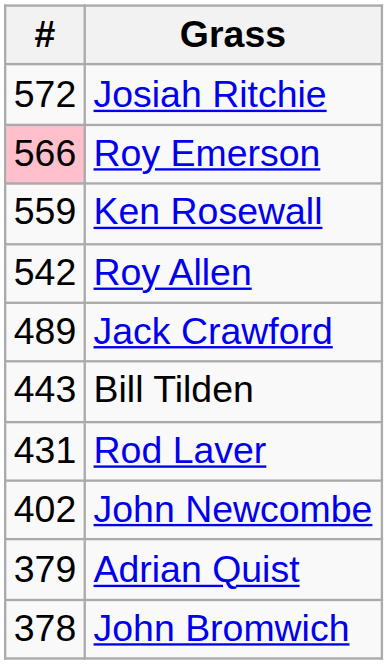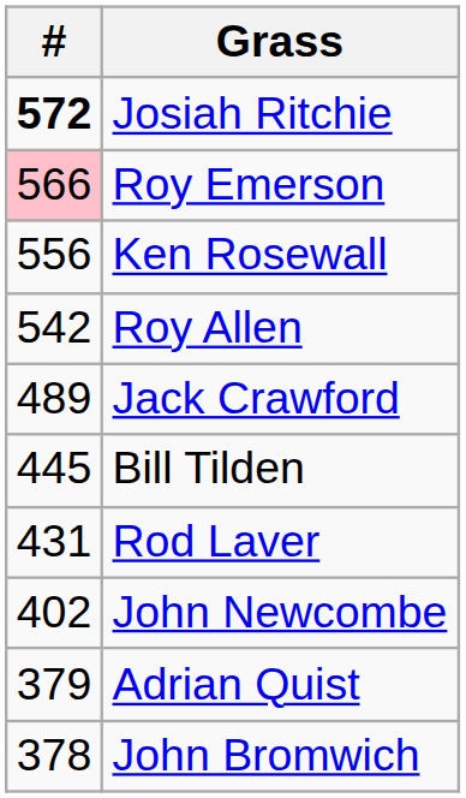 <table class=wikitable style="display:inline-table;">
 <tr>
 <th>#</th>
 <th>Grass</th>
 </tr>
 <tr>
-<td>572</td>
+<td><strong>572</strong></td>
 <td> <a href='#'>Josiah Ritchie</a></td>
 </tr>
 <tr>
 <td style="background: pink;">566</td>
 <td> <a href='#'>Roy Emerson</a></td>
 </tr>
 <tr>
-<td>559</td>
+<td>556</td>
 <td> <a href='#'>Ken Rosewall</a></td>
 </tr>
 <tr>
 <td>542</td>
 <td> <a href='#'>Roy Allen</a></td>
 </tr>
 <tr>
 <td>489</td>
 <td> <a href='#'>Jack Crawford</a></td>
 </tr>
 <tr>
-<td>443</td>
+<td>445</td>
 <td> Bill Tilden</td>
 </tr>
 <tr>
 <td>431</td>
 <td> <a href='#'>Rod Laver</a></td>
 </tr>
 <tr>
 <td>402</td>
 <td> <a href='#'>John Newcombe</a></td>
 </tr>
 <tr>
 <td>379</td>
 <td> <a href='#'>Adrian Quist</a></td>
 </tr>
 <tr>
 <td>378</td>
 <td> <a href='#'>John Bromwich</a></td>
 </tr>
 </table>
